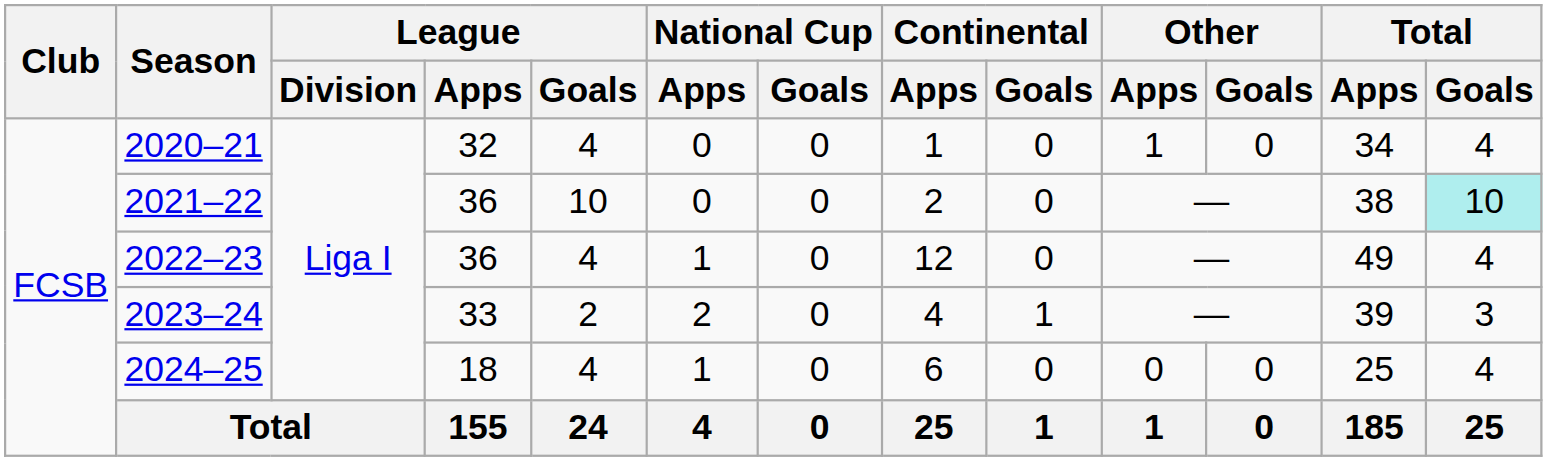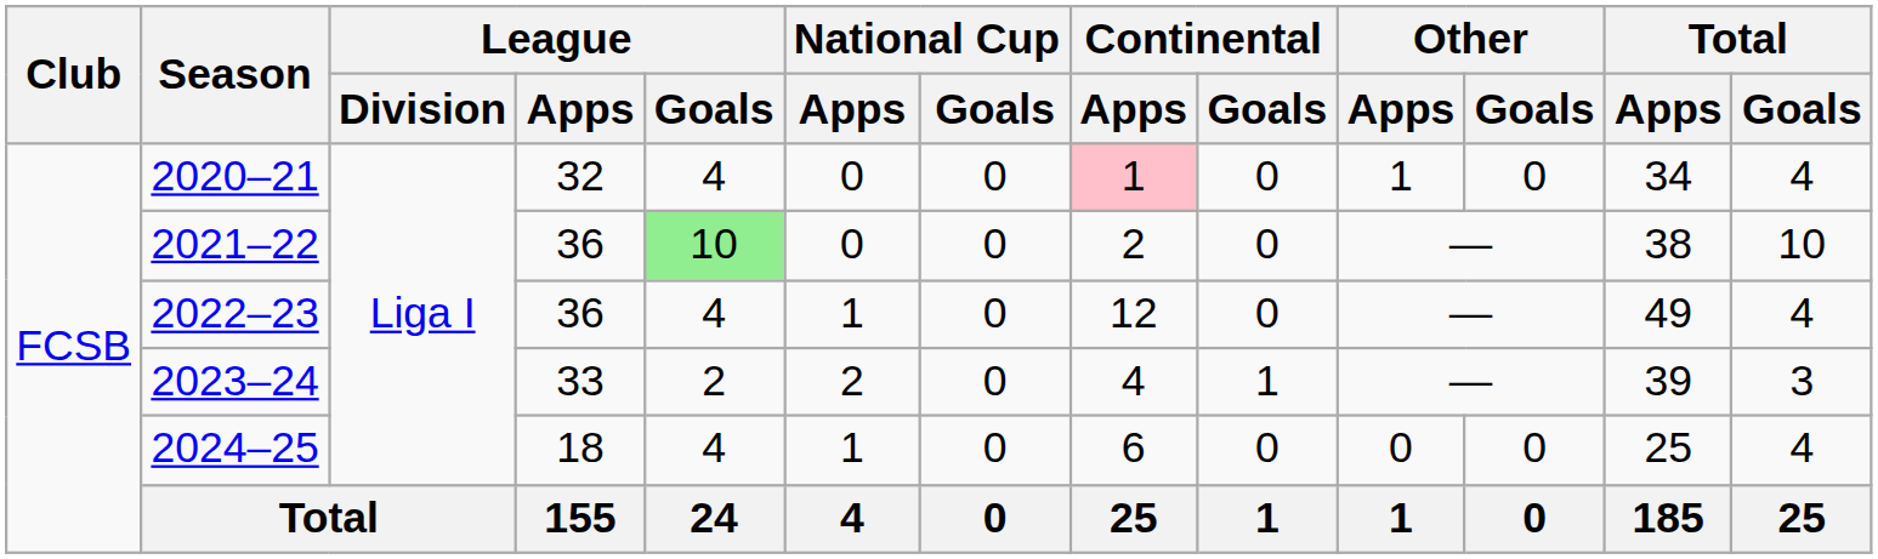 <table class="wikitable" style="text-align:center">
 <tr>
 <th rowspan="2">Club</th>
 <th rowspan="2">Season</th>
 <th colspan="3">League</th>
 <th colspan="2">National Cup</th>
 <th colspan="2">Continental</th>
 <th colspan="2">Other</th>
 <th colspan="3">Total</th>
 </tr>
 <tr>
 <th>Division</th>
 <th>Apps</th>
 <th>Goals</th>
 <th>Apps</th>
 <th>Goals</th>
 <th>Apps</th>
 <th>Goals</th>
 <th>Apps</th>
 <th>Goals</th>
 <th>Apps</th>
 <th>Goals</th>
 </tr>
 <tr>
 <td rowspan="6"><a href='#'>FCSB</a></td>
 <td><a href='#'>2020–21</a></td>
 <td rowspan="5"><a href='#'>Liga I</a></td>
 <td>32</td>
 <td>4</td>
 <td>0</td>
 <td>0</td>
-<td>1</td>
+<td style="background: pink;">1</td>
 <td>0</td>
 <td>1</td>
 <td>0</td>
 <td>34</td>
 <td>4</td>
 </tr>
 <tr>
 <td><a href='#'>2021–22</a></td>
 <td>36</td>
-<td>10</td>
+<td style="background: lightgreen;">10</td>
 <td>0</td>
 <td>0</td>
 <td>2</td>
 <td>0</td>
 <td colspan="2">—</td>
 <td>38</td>
-<td style="background: paleturquoise;">10</td>
+<td>10</td>
 </tr>
 <tr>
 <td><a href='#'>2022–23</a></td>
 <td>36</td>
 <td>4</td>
 <td>1</td>
 <td>0</td>
 <td>12</td>
 <td>0</td>
 <td colspan="2">—</td>
 <td>49</td>
 <td>4</td>
 </tr>
 <tr>
 <td><a href='#'>2023–24</a></td>
 <td>33</td>
 <td>2</td>
 <td>2</td>
 <td>0</td>
 <td>4</td>
 <td>1</td>
 <td colspan="2">—</td>
 <td>39</td>
 <td>3</td>
 </tr>
 <tr>
 <td><a href='#'>2024–25</a></td>
 <td>18</td>
 <td>4</td>
 <td>1</td>
 <td>0</td>
 <td>6</td>
 <td>0</td>
 <td>0</td>
 <td>0</td>
 <td>25</td>
 <td>4</td>
 </tr>
 <tr>
 <th colspan="2">Total</th>
 <th>155</th>
 <th>24</th>
 <th>4</th>
 <th>0</th>
 <th>25</th>
 <th>1</th>
 <th>1</th>
 <th>0</th>
 <th>185</th>
 <th>25</th>
 </tr>
 </table>
